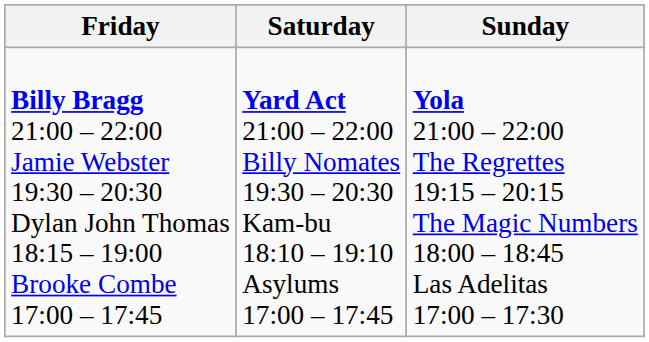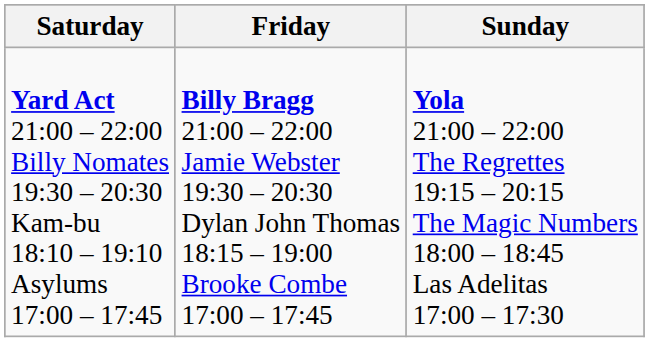 <table class="wikitable">
 <tr>
+<th>Saturday</th>
 <th>Friday</th>
-<th>Saturday</th>
 <th>Sunday</th>
 </tr>
 <tr valign="top">
+<td><br><strong><a href='#'>Yard Act</a></strong> <br>21:00 – 22:00 <br><a href='#'>Billy Nomates</a> <br>19:30 – 20:30 <br>Kam-bu <br>18:10 – 19:10 <br>Asylums <br>17:00 – 17:45</td>
 <td><br><strong><a href='#'>Billy Bragg</a></strong> <br>21:00 – 22:00 <br><a href='#'>Jamie Webster</a> <br>19:30 – 20:30 <br>Dylan John Thomas <br>18:15 – 19:00 <br><a href='#'>Brooke Combe</a> <br>17:00 – 17:45</td>
-<td><br><strong><a href='#'>Yard Act</a></strong> <br>21:00 – 22:00 <br><a href='#'>Billy Nomates</a> <br>19:30 – 20:30 <br>Kam-bu <br>18:10 – 19:10 <br>Asylums <br>17:00 – 17:45</td>
 <td><br><strong><a href='#'>Yola</a></strong> <br>21:00 – 22:00 <br><a href='#'>The Regrettes</a> <br>19:15 – 20:15 <br><a href='#'>The Magic Numbers</a> <br>18:00 – 18:45 <br>Las Adelitas <br>17:00 – 17:30</td>
 </tr>
 </table>
